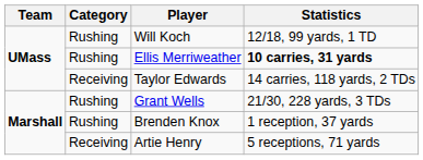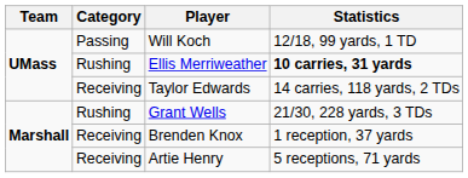 <table class="wikitable" style="float: left;">
 <tr>
 <th>Team</th>
 <th>Category</th>
 <th>Player</th>
 <th>Statistics</th>
 </tr>
 <tr>
 <td rowspan=3><strong>UMass</strong></td>
-<td>Rushing</td>
+<td>Passing</td>
 <td>Will Koch</td>
 <td>12/18, 99 yards, 1 TD</td>
 </tr>
 <tr>
 <td>Rushing</td>
 <td><a href='#'>Ellis Merriweather</a></td>
 <td><strong>10 carries, 31 yards</strong></td>
 </tr>
 <tr>
 <td>Receiving</td>
 <td>Taylor Edwards</td>
 <td>14 carries, 118 yards, 2 TDs</td>
 </tr>
 <tr>
 <td rowspan=3><strong>Marshall</strong></td>
 <td>Rushing</td>
 <td><a href='#'>Grant Wells</a></td>
 <td>21/30, 228 yards, 3 TDs</td>
 </tr>
 <tr>
-<td>Rushing</td>
+<td>Receiving</td>
 <td>Brenden Knox</td>
 <td>1 reception, 37 yards</td>
 </tr>
 <tr>
 <td>Receiving</td>
 <td>Artie Henry</td>
 <td>5 receptions, 71 yards</td>
 </tr>
 </table>
